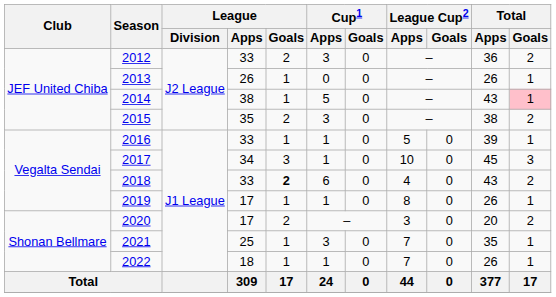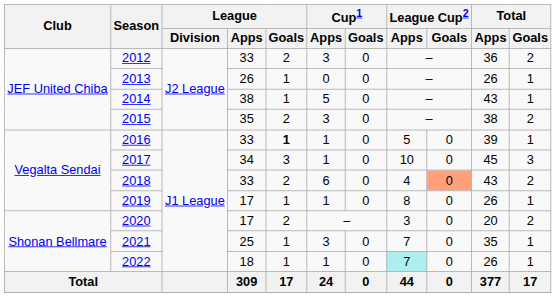 <table class="wikitable" style="text-align:center;">
 <tr>
 <th rowspan="2">Club</th>
 <th rowspan="2">Season</th>
 <th colspan="3">League</th>
 <th colspan="2">Cup<sup><a href='#'>1</a></sup></th>
 <th colspan="2">League Cup<sup><a href='#'>2</a></sup></th>
 <th colspan="2">Total</th>
 </tr>
 <tr>
 <th>Division</th>
 <th>Apps</th>
 <th>Goals</th>
 <th>Apps</th>
 <th>Goals</th>
 <th>Apps</th>
 <th>Goals</th>
 <th>Apps</th>
 <th>Goals</th>
 </tr>
 <tr>
 <td rowspan="4"><a href='#'>JEF United Chiba</a></td>
 <td><a href='#'>2012</a></td>
 <td rowspan="4"><a href='#'>J2 League</a></td>
 <td>33</td>
 <td>2</td>
 <td>3</td>
 <td>0</td>
 <td colspan="2">–</td>
 <td>36</td>
 <td>2</td>
 </tr>
 <tr>
 <td><a href='#'>2013</a></td>
 <td>26</td>
 <td>1</td>
 <td>0</td>
 <td>0</td>
 <td colspan="2">–</td>
 <td>26</td>
 <td>1</td>
 </tr>
 <tr>
 <td><a href='#'>2014</a></td>
 <td>38</td>
 <td>1</td>
 <td>5</td>
 <td>0</td>
 <td colspan="2">–</td>
 <td>43</td>
-<td style="background: pink;">1</td>
+<td>1</td>
 </tr>
 <tr>
 <td><a href='#'>2015</a></td>
 <td>35</td>
 <td>2</td>
 <td>3</td>
 <td>0</td>
 <td colspan="2">–</td>
 <td>38</td>
 <td>2</td>
 </tr>
 <tr>
 <td rowspan="4"><a href='#'>Vegalta Sendai</a></td>
 <td><a href='#'>2016</a></td>
 <td rowspan="7"><a href='#'>J1 League</a></td>
 <td>33</td>
-<td>1</td>
+<td><strong>1</strong></td>
 <td>1</td>
 <td>0</td>
 <td>5</td>
 <td>0</td>
 <td>39</td>
 <td>1</td>
 </tr>
 <tr>
 <td><a href='#'>2017</a></td>
 <td>34</td>
 <td>3</td>
 <td>1</td>
 <td>0</td>
 <td>10</td>
 <td>0</td>
 <td>45</td>
 <td>3</td>
 </tr>
 <tr>
 <td><a href='#'>2018</a></td>
 <td>33</td>
-<td><strong>2</strong></td>
+<td>2</td>
 <td>6</td>
 <td>0</td>
 <td>4</td>
-<td>0</td>
+<td style="background: lightsalmon;">0</td>
 <td>43</td>
 <td>2</td>
 </tr>
 <tr>
 <td><a href='#'>2019</a></td>
 <td>17</td>
 <td>1</td>
 <td>1</td>
 <td>0</td>
 <td>8</td>
 <td>0</td>
 <td>26</td>
 <td>1</td>
 </tr>
 <tr>
 <td rowspan="3"><a href='#'>Shonan Bellmare</a></td>
 <td><a href='#'>2020</a></td>
 <td>17</td>
 <td>2</td>
 <td colspan="2">–</td>
 <td>3</td>
 <td>0</td>
 <td>20</td>
 <td>2</td>
 </tr>
 <tr>
 <td><a href='#'>2021</a></td>
 <td>25</td>
 <td>1</td>
 <td>3</td>
 <td>0</td>
 <td>7</td>
 <td>0</td>
 <td>35</td>
 <td>1</td>
 </tr>
 <tr>
 <td><a href='#'>2022</a></td>
 <td>18</td>
 <td>1</td>
 <td>1</td>
 <td>0</td>
-<td>7</td>
+<td style="background: paleturquoise;">7</td>
 <td>0</td>
 <td>26</td>
 <td>1</td>
 </tr>
 <tr>
 <th colspan="2">Total</th>
 <th></th>
 <th>309</th>
 <th>17</th>
 <th>24</th>
 <th>0</th>
 <th>44</th>
 <th>0</th>
 <th>377</th>
 <th>17</th>
 </tr>
 <tr>
 </tr>
 </table>
